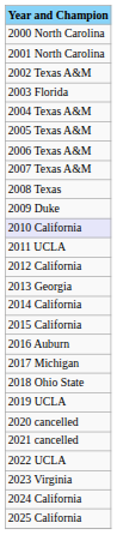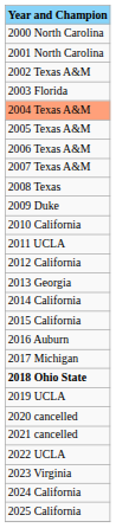 <table class="wikitable" style="font-size:85%;">
 <tr ! style="background-color: #87D3F8;">
 <td><strong>Year and Champion</strong></td>
 </tr>
 <tr --->
 <td>2000 North Carolina</td>
 </tr>
 <tr --->
 <td>2001 North Carolina</td>
 </tr>
 <tr --->
 <td>2002 Texas A&M</td>
 </tr>
 <tr --->
 <td>2003 Florida</td>
 </tr>
 <tr --->
-<td>2004 Texas A&M</td>
+<td style="background: lightsalmon;">2004 Texas A&M</td>
 </tr>
 <tr --->
 <td>2005 Texas A&M</td>
 </tr>
 <tr --->
 <td>2006 Texas A&M</td>
 </tr>
 <tr --->
 <td>2007 Texas A&M</td>
 </tr>
 <tr --->
 <td>2008 Texas</td>
 </tr>
 <tr --->
 <td>2009 Duke</td>
 </tr>
 <tr --->
-<td style="background: lavender;">2010 California</td>
+<td>2010 California</td>
 </tr>
 <tr --->
 <td>2011 UCLA</td>
 </tr>
 <tr --->
 <td>2012 California</td>
 </tr>
 <tr --->
 <td>2013 Georgia</td>
 </tr>
 <tr --->
 <td>2014 California</td>
 </tr>
 <tr --->
 <td>2015 California</td>
 </tr>
 <tr --->
 <td>2016 Auburn</td>
 </tr>
 <tr --->
 <td>2017 Michigan</td>
 </tr>
 <tr --->
-<td>2018 Ohio State</td>
+<td><strong>2018 Ohio State</strong></td>
 </tr>
 <tr --->
 <td>2019 UCLA</td>
 </tr>
 <tr --->
 <td>2020 cancelled</td>
 </tr>
 <tr --->
 <td>2021 cancelled</td>
 </tr>
 <tr --->
 <td>2022 UCLA</td>
 </tr>
 <tr --->
 <td>2023 Virginia</td>
 </tr>
 <tr --->
 <td>2024 California</td>
 </tr>
 <tr --->
 <td>2025 California</td>
 </tr>
 <tr --->
 </tr>
 </table>
